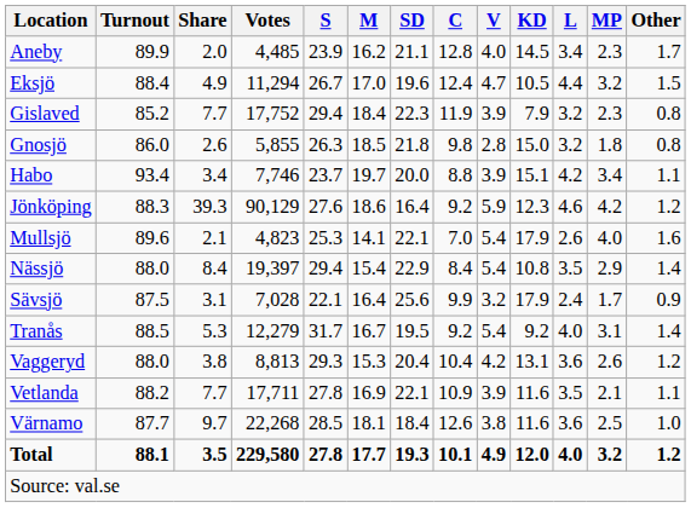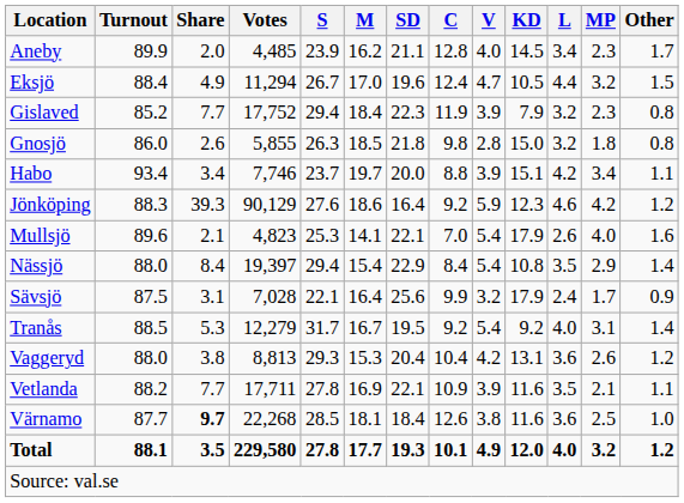 <table class="wikitable sortable" style=text-align:right>
 <tr>
 <th>Location</th>
 <th>Turnout</th>
 <th>Share</th>
 <th>Votes</th>
 <th><a href='#'>S</a></th>
 <th><a href='#'>M</a></th>
 <th><a href='#'>SD</a></th>
 <th><a href='#'>C</a></th>
 <th><a href='#'>V</a></th>
 <th><a href='#'>KD</a></th>
 <th><a href='#'>L</a></th>
 <th><a href='#'>MP</a></th>
 <th>Other</th>
 </tr>
 <tr>
 <td align=left><a href='#'>Aneby</a></td>
 <td>89.9</td>
 <td>2.0</td>
 <td>4,485</td>
 <td>23.9</td>
 <td>16.2</td>
 <td>21.1</td>
 <td>12.8</td>
 <td>4.0</td>
 <td>14.5</td>
 <td>3.4</td>
 <td>2.3</td>
 <td>1.7</td>
 </tr>
 <tr>
 <td align=left><a href='#'>Eksjö</a></td>
 <td>88.4</td>
 <td>4.9</td>
 <td>11,294</td>
 <td>26.7</td>
 <td>17.0</td>
 <td>19.6</td>
 <td>12.4</td>
 <td>4.7</td>
 <td>10.5</td>
 <td>4.4</td>
 <td>3.2</td>
 <td>1.5</td>
 </tr>
 <tr>
 <td align=left><a href='#'>Gislaved</a></td>
 <td>85.2</td>
 <td>7.7</td>
 <td>17,752</td>
 <td>29.4</td>
 <td>18.4</td>
 <td>22.3</td>
 <td>11.9</td>
 <td>3.9</td>
 <td>7.9</td>
 <td>3.2</td>
 <td>2.3</td>
 <td>0.8</td>
 </tr>
 <tr>
 <td align=left><a href='#'>Gnosjö</a></td>
 <td>86.0</td>
 <td>2.6</td>
 <td>5,855</td>
 <td>26.3</td>
 <td>18.5</td>
 <td>21.8</td>
 <td>9.8</td>
 <td>2.8</td>
 <td>15.0</td>
 <td>3.2</td>
 <td>1.8</td>
 <td>0.8</td>
 </tr>
 <tr>
 <td align=left><a href='#'>Habo</a></td>
 <td>93.4</td>
 <td>3.4</td>
 <td>7,746</td>
 <td>23.7</td>
 <td>19.7</td>
 <td>20.0</td>
 <td>8.8</td>
 <td>3.9</td>
 <td>15.1</td>
 <td>4.2</td>
 <td>3.4</td>
 <td>1.1</td>
 </tr>
 <tr>
 <td align=left><a href='#'>Jönköping</a></td>
 <td>88.3</td>
 <td>39.3</td>
 <td>90,129</td>
 <td>27.6</td>
 <td>18.6</td>
 <td>16.4</td>
 <td>9.2</td>
 <td>5.9</td>
 <td>12.3</td>
 <td>4.6</td>
 <td>4.2</td>
 <td>1.2</td>
 </tr>
 <tr>
 <td align=left><a href='#'>Mullsjö</a></td>
 <td>89.6</td>
 <td>2.1</td>
 <td>4,823</td>
 <td>25.3</td>
 <td>14.1</td>
 <td>22.1</td>
 <td>7.0</td>
 <td>5.4</td>
 <td>17.9</td>
 <td>2.6</td>
 <td>4.0</td>
 <td>1.6</td>
 </tr>
 <tr>
 <td align=left><a href='#'>Nässjö</a></td>
 <td>88.0</td>
 <td>8.4</td>
 <td>19,397</td>
 <td>29.4</td>
 <td>15.4</td>
 <td>22.9</td>
 <td>8.4</td>
 <td>5.4</td>
 <td>10.8</td>
 <td>3.5</td>
 <td>2.9</td>
 <td>1.4</td>
 </tr>
 <tr>
 <td align=left><a href='#'>Sävsjö</a></td>
 <td>87.5</td>
 <td>3.1</td>
 <td>7,028</td>
 <td>22.1</td>
 <td>16.4</td>
 <td>25.6</td>
 <td>9.9</td>
 <td>3.2</td>
 <td>17.9</td>
 <td>2.4</td>
 <td>1.7</td>
 <td>0.9</td>
 </tr>
 <tr>
 <td align=left><a href='#'>Tranås</a></td>
 <td>88.5</td>
 <td>5.3</td>
 <td>12,279</td>
 <td>31.7</td>
 <td>16.7</td>
 <td>19.5</td>
 <td>9.2</td>
 <td>5.4</td>
 <td>9.2</td>
 <td>4.0</td>
 <td>3.1</td>
 <td>1.4</td>
 </tr>
 <tr>
 <td align=left><a href='#'>Vaggeryd</a></td>
 <td>88.0</td>
 <td>3.8</td>
 <td>8,813</td>
 <td>29.3</td>
 <td>15.3</td>
 <td>20.4</td>
 <td>10.4</td>
 <td>4.2</td>
 <td>13.1</td>
 <td>3.6</td>
 <td>2.6</td>
 <td>1.2</td>
 </tr>
 <tr>
 <td align=left><a href='#'>Vetlanda</a></td>
 <td>88.2</td>
 <td>7.7</td>
 <td>17,711</td>
 <td>27.8</td>
 <td>16.9</td>
 <td>22.1</td>
 <td>10.9</td>
 <td>3.9</td>
 <td>11.6</td>
 <td>3.5</td>
 <td>2.1</td>
 <td>1.1</td>
 </tr>
 <tr>
 <td align=left><a href='#'>Värnamo</a></td>
 <td>87.7</td>
-<td>9.7</td>
+<td><strong>9.7</strong></td>
 <td>22,268</td>
 <td>28.5</td>
 <td>18.1</td>
 <td>18.4</td>
 <td>12.6</td>
 <td>3.8</td>
 <td>11.6</td>
 <td>3.6</td>
 <td>2.5</td>
 <td>1.0</td>
 </tr>
 <tr>
 <td align=left><strong>Total</strong></td>
 <td><strong>88.1</strong></td>
 <td><strong>3.5</strong></td>
 <td><strong>229,580</strong></td>
 <td><strong>27.8</strong></td>
 <td><strong>17.7</strong></td>
 <td><strong>19.3</strong></td>
 <td><strong>10.1</strong></td>
 <td><strong>4.9</strong></td>
 <td><strong>12.0</strong></td>
 <td><strong>4.0</strong></td>
 <td><strong>3.2</strong></td>
 <td><strong>1.2</strong></td>
 </tr>
 <tr>
 <td align=left colspan=13>Source: val.se</td>
 </tr>
 </table>
